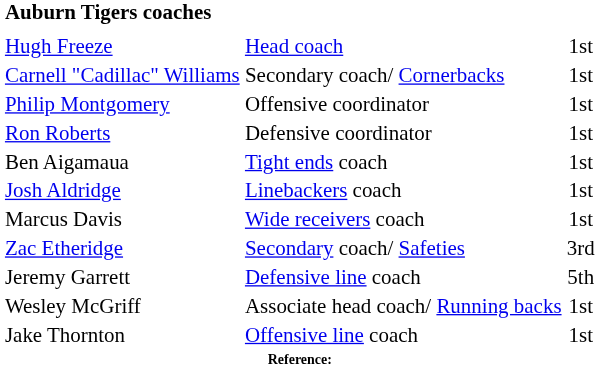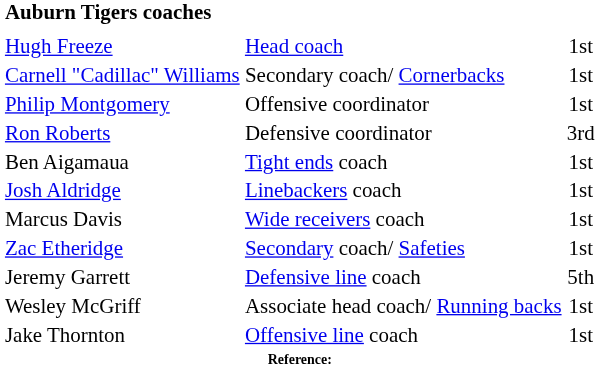 <table class="toccolours" style="text-align: left;">
 <tr>
 <td colspan="9"><strong>Auburn Tigers coaches</strong></td>
 </tr>
 <tr>
 <td style="font-size: 95%;" valign="top"></td>
 </tr>
 <tr>
 <td><a href='#'>Hugh Freeze</a></td>
 <td><a href='#'>Head coach</a></td>
 <td align=center>1st</td>
 </tr>
 <tr>
 <td><a href='#'>Carnell "Cadillac" Williams</a></td>
 <td>Secondary coach/ <a href='#'>Cornerbacks</a></td>
 <td align="center">1st</td>
 </tr>
 <tr>
 <td><a href='#'>Philip Montgomery</a></td>
 <td>Offensive coordinator</td>
 <td align="center">1st</td>
 </tr>
 <tr>
 <td><a href='#'>Ron Roberts</a></td>
 <td>Defensive coordinator</td>
-<td align="center">1st</td>
+<td align="center">3rd</td>
 </tr>
 <tr>
 <td>Ben Aigamaua</td>
 <td><a href='#'>Tight ends</a> coach</td>
 <td align="center">1st</td>
 </tr>
 <tr>
 <td><a href='#'>Josh Aldridge</a></td>
 <td><a href='#'>Linebackers</a> coach</td>
 <td align="center">1st</td>
 </tr>
 <tr>
 <td>Marcus Davis</td>
 <td><a href='#'>Wide receivers</a> coach</td>
 <td align="center">1st</td>
 </tr>
 <tr>
 <td><a href='#'>Zac Etheridge</a></td>
 <td><a href='#'>Secondary</a> coach/ <a href='#'>Safeties</a></td>
-<td align="center">3rd</td>
+<td align="center">1st</td>
 </tr>
 <tr>
 <td>Jeremy Garrett</td>
 <td><a href='#'>Defensive line</a> coach</td>
 <td align="center">5th</td>
 </tr>
 <tr>
 <td>Wesley McGriff</td>
 <td>Associate head coach/ <a href='#'>Running backs</a></td>
 <td align="center">1st</td>
 </tr>
 <tr>
 <td>Jake Thornton</td>
 <td><a href='#'>Offensive line</a> coach</td>
 <td align="center">1st</td>
 </tr>
 <tr>
 <td colspan="4" style="font-size:8pt; text-align:center;"><strong>Reference:</strong></td>
 </tr>
 </table>
